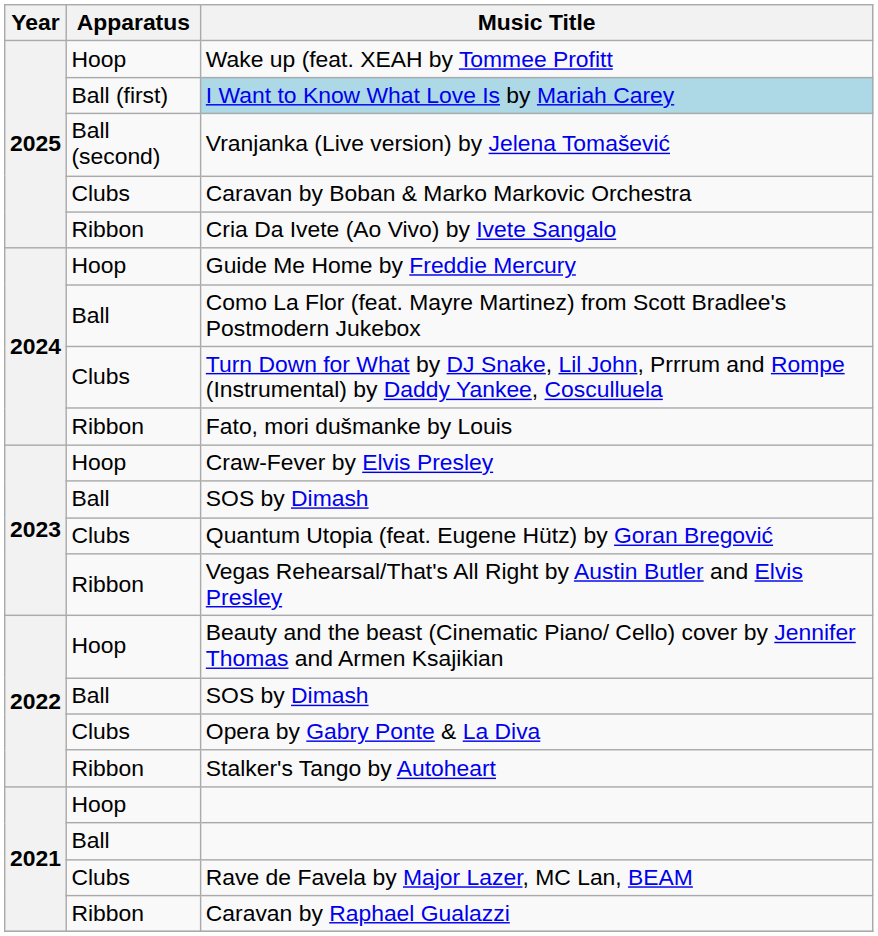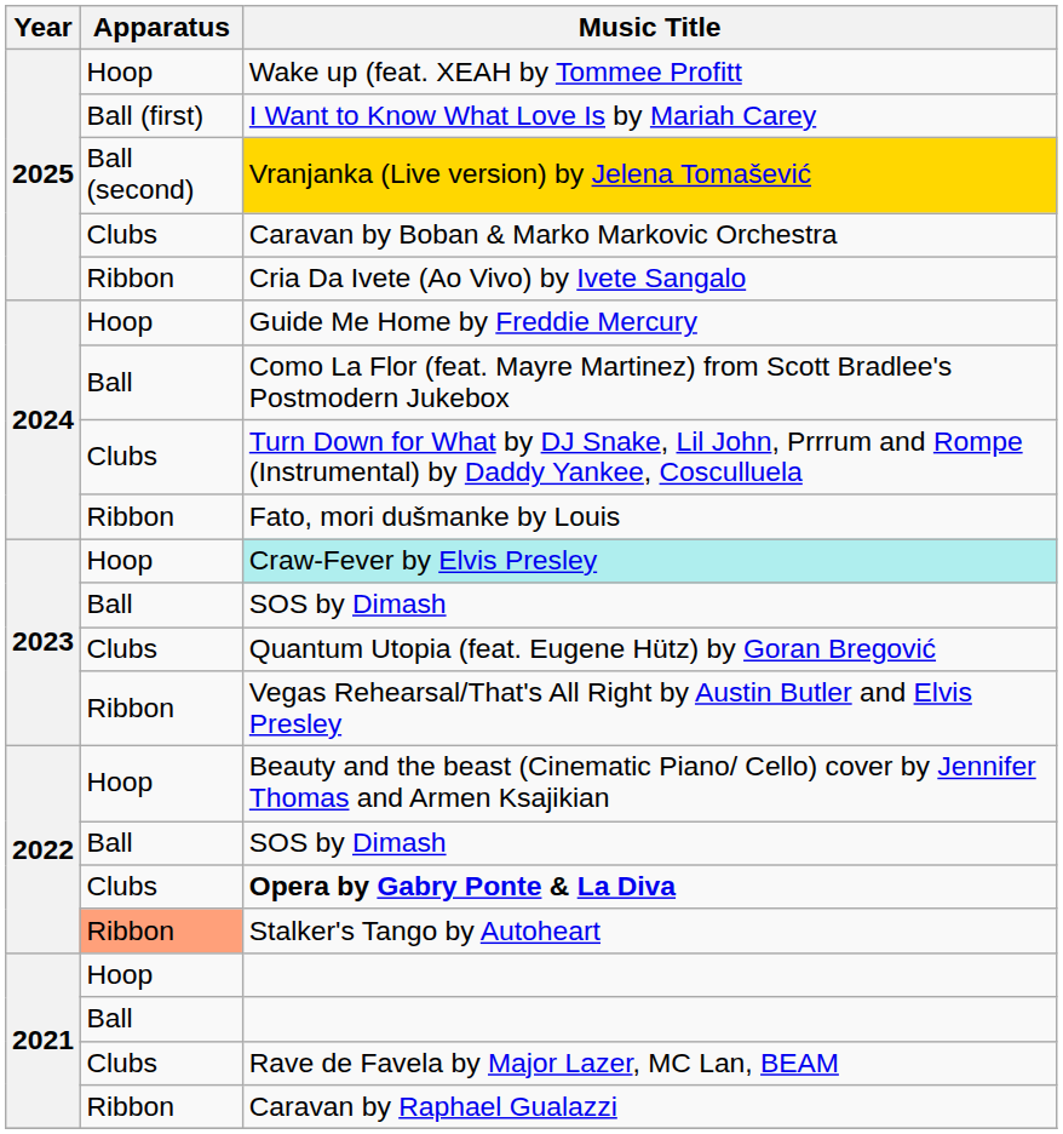 <table class="wikitable">
 <tr>
 <th>Year</th>
 <th>Apparatus</th>
 <th>Music Title</th>
 </tr>
 <tr>
 <th scope=row rowspan=5>2025</th>
 <td>Hoop</td>
 <td>Wake up (feat. XEAH by <a href='#'>Tommee Profitt</a></td>
 </tr>
 <tr>
 <td>Ball (first)</td>
-<td style="background: lightblue;"><a href='#'>I Want to Know What Love Is</a> by <a href='#'>Mariah Carey</a></td>
+<td><a href='#'>I Want to Know What Love Is</a> by <a href='#'>Mariah Carey</a></td>
 </tr>
 <tr>
 <td>Ball (second)</td>
-<td>Vranjanka (Live version) by <a href='#'>Jelena Tomašević</a></td>
+<td style="background: gold;">Vranjanka (Live version) by <a href='#'>Jelena Tomašević</a></td>
 </tr>
 <tr>
 <td>Clubs</td>
 <td>Caravan by Boban & Marko Markovic Orchestra</td>
 </tr>
 <tr>
 <td>Ribbon</td>
 <td>Cria Da Ivete (Ao Vivo) by <a href='#'>Ivete Sangalo</a></td>
 </tr>
 <tr>
 <th scope=row rowspan=4>2024</th>
 <td>Hoop</td>
 <td>Guide Me Home by <a href='#'>Freddie Mercury</a></td>
 </tr>
 <tr>
 <td>Ball</td>
 <td>Como La Flor (feat. Mayre Martinez) from Scott Bradlee's Postmodern Jukebox</td>
 </tr>
 <tr>
 <td>Clubs</td>
 <td><a href='#'>Turn Down for What</a> by <a href='#'>DJ Snake</a>, <a href='#'>Lil John</a>, Prrrum and <a href='#'>Rompe</a> (Instrumental) by <a href='#'>Daddy Yankee</a>, <a href='#'>Cosculluela</a></td>
 </tr>
 <tr>
 <td>Ribbon</td>
 <td>Fato, mori dušmanke by Louis</td>
 </tr>
 <tr>
 <th scope=row rowspan=4>2023</th>
 <td>Hoop</td>
-<td>Craw-Fever by <a href='#'>Elvis Presley</a></td>
+<td style="background: paleturquoise;">Craw-Fever by <a href='#'>Elvis Presley</a></td>
 </tr>
 <tr>
 <td>Ball</td>
 <td>SOS by <a href='#'>Dimash</a></td>
 </tr>
 <tr>
 <td>Clubs</td>
 <td>Quantum Utopia (feat. Eugene Hütz) by <a href='#'>Goran Bregović</a></td>
 </tr>
 <tr>
 <td>Ribbon</td>
 <td>Vegas Rehearsal/That's All Right by <a href='#'>Austin Butler</a> and <a href='#'>Elvis Presley</a></td>
 </tr>
 <tr>
 <th scope=row rowspan=4>2022</th>
 <td>Hoop</td>
 <td>Beauty and the beast (Cinematic Piano/ Cello) cover by <a href='#'>Jennifer Thomas</a> and Armen Ksajikian</td>
 </tr>
 <tr>
 <td>Ball</td>
 <td>SOS by <a href='#'>Dimash</a></td>
 </tr>
 <tr>
 <td>Clubs</td>
-<td>Opera by <a href='#'>Gabry Ponte</a> & <a href='#'>La Diva</a></td>
+<td><strong>Opera by <a href='#'>Gabry Ponte</a> & <a href='#'>La Diva</a></strong></td>
 </tr>
 <tr>
-<td>Ribbon</td>
+<td style="background: lightsalmon;">Ribbon</td>
 <td>Stalker's Tango by <a href='#'>Autoheart</a></td>
 </tr>
 <tr>
 <th scope=row rowspan=4>2021</th>
 <td>Hoop</td>
 <td></td>
 </tr>
 <tr>
 <td>Ball</td>
 <td></td>
 </tr>
 <tr>
 <td>Clubs</td>
 <td>Rave de Favela by <a href='#'>Major Lazer</a>, MC Lan, <a href='#'>BEAM</a></td>
 </tr>
 <tr>
 <td>Ribbon</td>
 <td>Caravan by <a href='#'>Raphael Gualazzi</a></td>
 </tr>
 <tr>
 </tr>
 </table>
